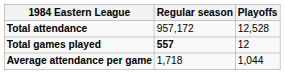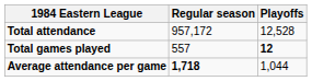 <table class="wikitable" border="1">
 <tr>
 <th>1984 Eastern League</th>
 <th>Regular season</th>
 <th>Playoffs</th>
 </tr>
 <tr>
 <td><strong>Total attendance</strong></td>
 <td>957,172</td>
 <td>12,528</td>
 </tr>
 <tr>
 <td><strong>Total games played</strong></td>
-<td><strong>557</strong></td>
-<td>12</td>
+<td>557</td>
+<td><strong>12</strong></td>
 </tr>
 <tr>
 <td><strong>Average attendance per game</strong></td>
-<td>1,718</td>
+<td><strong>1,718</strong></td>
 <td>1,044</td>
 </tr>
 </table>
